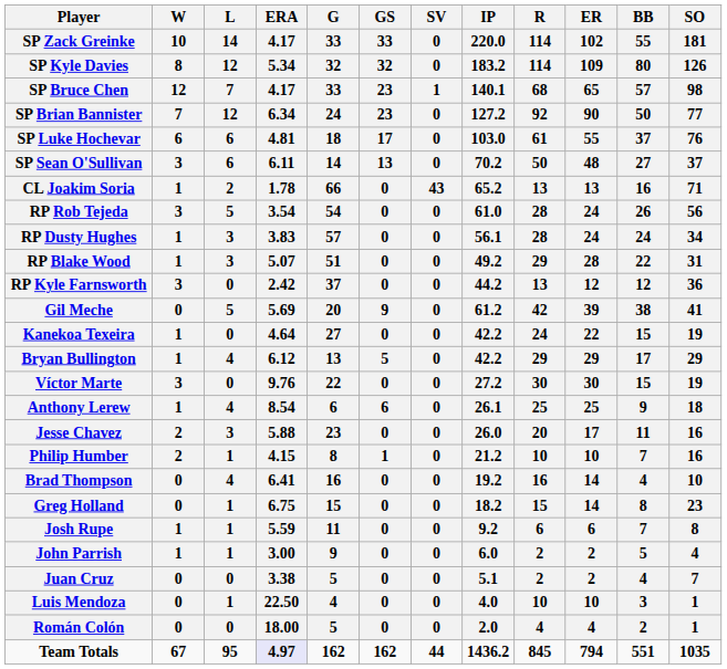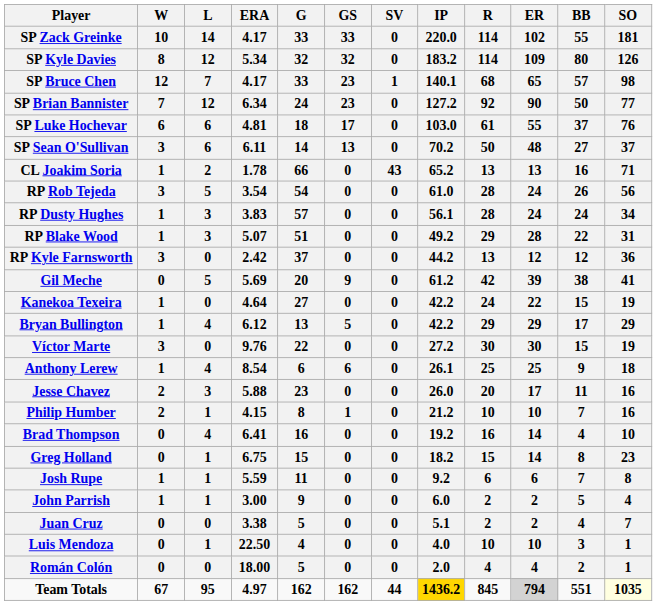 <table class="wikitable">
 <tr>
 <th bgcolor="#DDDDFF" width="20%">Player</th>
 <th bgcolor="#DDDDFF" width="7%">W</th>
 <th bgcolor="#DDDDFF" width="7%">L</th>
 <th bgcolor="#DDDDFF" width="7%">ERA</th>
 <th bgcolor="#DDDDFF" width="7%">G</th>
 <th bgcolor="#DDDDFF" width="7%">GS</th>
 <th bgcolor="#DDDDFF" width="7%">SV</th>
 <th bgcolor="#DDDDFF" width="7%">IP</th>
 <th bgcolor="#DDDDFF" width="7%">R</th>
 <th bgcolor="#DDDDFF" width="7%">ER</th>
 <th bgcolor="#DDDDFF" width="7%">BB</th>
 <th bgcolor="#DDDDFF" width="7%">SO</th>
 </tr>
 <tr>
 <th>SP <a href='#'>Zack Greinke</a></th>
 <th>10</th>
 <th>14</th>
 <th>4.17</th>
 <th>33</th>
 <th>33</th>
 <th>0</th>
 <th>220.0</th>
 <th>114</th>
 <th>102</th>
 <th>55</th>
 <th>181</th>
 </tr>
 <tr>
 <th>SP <a href='#'>Kyle Davies</a></th>
 <th>8</th>
 <th>12</th>
 <th>5.34</th>
 <th>32</th>
 <th>32</th>
 <th>0</th>
 <th>183.2</th>
 <th>114</th>
 <th>109</th>
 <th>80</th>
 <th>126</th>
 </tr>
 <tr>
 <th>SP <a href='#'>Bruce Chen</a></th>
 <th>12</th>
 <th>7</th>
 <th>4.17</th>
 <th>33</th>
 <th>23</th>
 <th>1</th>
 <th>140.1</th>
 <th>68</th>
 <th>65</th>
 <th>57</th>
 <th>98</th>
 </tr>
 <tr>
 <th>SP <a href='#'>Brian Bannister</a></th>
 <th>7</th>
 <th>12</th>
 <th>6.34</th>
 <th>24</th>
 <th>23</th>
 <th>0</th>
 <th>127.2</th>
 <th>92</th>
 <th>90</th>
 <th>50</th>
 <th>77</th>
 </tr>
 <tr>
 <th>SP <a href='#'>Luke Hochevar</a></th>
 <th>6</th>
 <th>6</th>
 <th>4.81</th>
 <th>18</th>
 <th>17</th>
 <th>0</th>
 <th>103.0</th>
 <th>61</th>
 <th>55</th>
 <th>37</th>
 <th>76</th>
 </tr>
 <tr>
 <th>SP <a href='#'>Sean O'Sullivan</a></th>
 <th>3</th>
 <th>6</th>
 <th>6.11</th>
 <th>14</th>
 <th>13</th>
 <th>0</th>
 <th>70.2</th>
 <th>50</th>
 <th>48</th>
 <th>27</th>
 <th>37</th>
 </tr>
 <tr>
 <th>CL <a href='#'>Joakim Soria</a></th>
 <th>1</th>
 <th>2</th>
 <th>1.78</th>
 <th>66</th>
 <th>0</th>
 <th>43</th>
 <th>65.2</th>
 <th>13</th>
 <th>13</th>
 <th>16</th>
 <th>71</th>
 </tr>
 <tr>
 <th>RP <a href='#'>Rob Tejeda</a></th>
 <th>3</th>
 <th>5</th>
 <th>3.54</th>
 <th>54</th>
 <th>0</th>
 <th>0</th>
 <th>61.0</th>
 <th>28</th>
 <th>24</th>
 <th>26</th>
 <th>56</th>
 </tr>
 <tr>
 <th>RP <a href='#'>Dusty Hughes</a></th>
 <th>1</th>
 <th>3</th>
 <th>3.83</th>
 <th>57</th>
 <th>0</th>
 <th>0</th>
 <th>56.1</th>
 <th>28</th>
 <th>24</th>
 <th>24</th>
 <th>34</th>
 </tr>
 <tr>
 <th>RP <a href='#'>Blake Wood</a></th>
 <th>1</th>
 <th>3</th>
 <th>5.07</th>
 <th>51</th>
 <th>0</th>
 <th>0</th>
 <th>49.2</th>
 <th>29</th>
 <th>28</th>
 <th>22</th>
 <th>31</th>
 </tr>
 <tr>
 <th>RP <a href='#'>Kyle Farnsworth</a></th>
 <th>3</th>
 <th>0</th>
 <th>2.42</th>
 <th>37</th>
 <th>0</th>
 <th>0</th>
 <th>44.2</th>
 <th>13</th>
 <th>12</th>
 <th>12</th>
 <th>36</th>
 </tr>
 <tr>
 <th><a href='#'>Gil Meche</a></th>
 <th>0</th>
 <th>5</th>
 <th>5.69</th>
 <th>20</th>
 <th>9</th>
 <th>0</th>
 <th>61.2</th>
 <th>42</th>
 <th>39</th>
 <th>38</th>
 <th>41</th>
 </tr>
 <tr>
 <th><a href='#'>Kanekoa Texeira</a></th>
 <th>1</th>
 <th>0</th>
 <th>4.64</th>
 <th>27</th>
 <th>0</th>
 <th>0</th>
 <th>42.2</th>
 <th>24</th>
 <th>22</th>
 <th>15</th>
 <th>19</th>
 </tr>
 <tr>
 <th><a href='#'>Bryan Bullington</a></th>
 <th>1</th>
 <th>4</th>
 <th>6.12</th>
 <th>13</th>
 <th>5</th>
 <th>0</th>
 <th>42.2</th>
 <th>29</th>
 <th>29</th>
 <th>17</th>
 <th>29</th>
 </tr>
 <tr>
 <th><a href='#'>Víctor Marte</a></th>
 <th>3</th>
 <th>0</th>
 <th>9.76</th>
 <th>22</th>
 <th>0</th>
 <th>0</th>
 <th>27.2</th>
 <th>30</th>
 <th>30</th>
 <th>15</th>
 <th>19</th>
 </tr>
 <tr>
 <th><a href='#'>Anthony Lerew</a></th>
 <th>1</th>
 <th>4</th>
 <th>8.54</th>
 <th>6</th>
 <th>6</th>
 <th>0</th>
 <th>26.1</th>
 <th>25</th>
 <th>25</th>
 <th>9</th>
 <th>18</th>
 </tr>
 <tr>
 <th><a href='#'>Jesse Chavez</a></th>
 <th>2</th>
 <th>3</th>
 <th>5.88</th>
 <th>23</th>
 <th>0</th>
 <th>0</th>
 <th>26.0</th>
 <th>20</th>
 <th>17</th>
 <th>11</th>
 <th>16</th>
 </tr>
 <tr>
 <th><a href='#'>Philip Humber</a></th>
 <th>2</th>
 <th>1</th>
 <th>4.15</th>
 <th>8</th>
 <th>1</th>
 <th>0</th>
 <th>21.2</th>
 <th>10</th>
 <th>10</th>
 <th>7</th>
 <th>16</th>
 </tr>
 <tr>
 <th><a href='#'>Brad Thompson</a></th>
 <th>0</th>
 <th>4</th>
 <th>6.41</th>
 <th>16</th>
 <th>0</th>
 <th>0</th>
 <th>19.2</th>
 <th>16</th>
 <th>14</th>
 <th>4</th>
 <th>10</th>
 </tr>
 <tr>
 <th><a href='#'>Greg Holland</a></th>
 <th>0</th>
 <th>1</th>
 <th>6.75</th>
 <th>15</th>
 <th>0</th>
 <th>0</th>
 <th>18.2</th>
 <th>15</th>
 <th>14</th>
 <th>8</th>
 <th>23</th>
 </tr>
 <tr>
 <th><a href='#'>Josh Rupe</a></th>
 <th>1</th>
 <th>1</th>
 <th>5.59</th>
 <th>11</th>
 <th>0</th>
 <th>0</th>
 <th>9.2</th>
 <th>6</th>
 <th>6</th>
 <th>7</th>
 <th>8</th>
 </tr>
 <tr>
 <th><a href='#'>John Parrish</a></th>
 <th>1</th>
 <th>1</th>
 <th>3.00</th>
 <th>9</th>
 <th>0</th>
 <th>0</th>
 <th>6.0</th>
 <th>2</th>
 <th>2</th>
 <th>5</th>
 <th>4</th>
 </tr>
 <tr>
 <th><a href='#'>Juan Cruz</a></th>
 <th>0</th>
 <th>0</th>
 <th>3.38</th>
 <th>5</th>
 <th>0</th>
 <th>0</th>
 <th>5.1</th>
 <th>2</th>
 <th>2</th>
 <th>4</th>
 <th>7</th>
 </tr>
 <tr>
 <th><a href='#'>Luis Mendoza</a></th>
 <th>0</th>
 <th>1</th>
 <th>22.50</th>
 <th>4</th>
 <th>0</th>
 <th>0</th>
 <th>4.0</th>
 <th>10</th>
 <th>10</th>
 <th>3</th>
 <th>1</th>
 </tr>
 <tr>
 <th><a href='#'>Román Colón</a></th>
 <th>0</th>
 <th>0</th>
 <th>18.00</th>
 <th>5</th>
 <th>0</th>
 <th>0</th>
 <th>2.0</th>
 <th>4</th>
 <th>4</th>
 <th>2</th>
 <th>1</th>
 </tr>
 <tr align=center>
 <td><strong>Team Totals</strong></td>
 <td><strong>67</strong></td>
 <td><strong>95</strong></td>
-<td style="background: lavender;"><strong>4.97</strong></td>
+<td><strong>4.97</strong></td>
 <td><strong>162</strong></td>
 <td><strong>162</strong></td>
 <td><strong>44</strong></td>
-<td><strong>1436.2</strong></td>
+<td style="background: gold;"><strong>1436.2</strong></td>
 <td><strong>845</strong></td>
-<td><strong>794</strong></td>
+<td style="background: lightgrey;"><strong>794</strong></td>
 <td><strong>551</strong></td>
-<td><strong>1035</strong></td>
+<td style="background: lightyellow;"><strong>1035</strong></td>
 </tr>
 </table>
